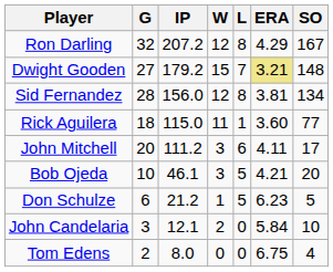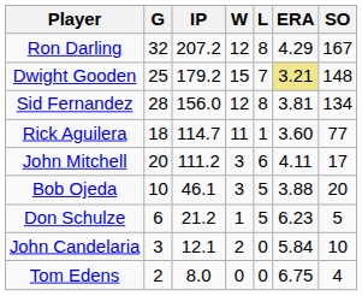 <table class="wikitable sortable">
 <tr>
 <th>Player</th>
 <th>G</th>
 <th>IP</th>
 <th>W</th>
 <th>L</th>
 <th>ERA</th>
 <th>SO</th>
 </tr>
 <tr align="center">
 <td><a href='#'>Ron Darling</a></td>
 <td>32</td>
 <td>207.2</td>
 <td>12</td>
 <td>8</td>
 <td>4.29</td>
 <td>167</td>
 </tr>
 <tr align="center">
 <td><a href='#'>Dwight Gooden</a></td>
-<td>27</td>
+<td>25</td>
 <td>179.2</td>
 <td>15</td>
 <td>7</td>
 <td style="background: khaki;">3.21</td>
 <td>148</td>
 </tr>
 <tr align="center">
 <td><a href='#'>Sid Fernandez</a></td>
 <td>28</td>
 <td>156.0</td>
 <td>12</td>
 <td>8</td>
 <td>3.81</td>
 <td>134</td>
 </tr>
 <tr align="center">
 <td><a href='#'>Rick Aguilera</a></td>
 <td>18</td>
-<td>115.0</td>
+<td>114.7</td>
 <td>11</td>
 <td>1</td>
 <td>3.60</td>
 <td>77</td>
 </tr>
 <tr align="center">
 <td><a href='#'>John Mitchell</a></td>
 <td>20</td>
 <td>111.2</td>
 <td>3</td>
 <td>6</td>
 <td>4.11</td>
 <td>17</td>
 </tr>
 <tr align="center">
 <td><a href='#'>Bob Ojeda</a></td>
 <td>10</td>
 <td>46.1</td>
 <td>3</td>
 <td>5</td>
-<td>4.21</td>
+<td>3.88</td>
 <td>20</td>
 </tr>
 <tr align="center">
 <td><a href='#'>Don Schulze</a></td>
 <td>6</td>
 <td>21.2</td>
 <td>1</td>
 <td>5</td>
 <td>6.23</td>
 <td>5</td>
 </tr>
 <tr align="center">
 <td><a href='#'>John Candelaria</a></td>
 <td>3</td>
 <td>12.1</td>
 <td>2</td>
 <td>0</td>
 <td>5.84</td>
 <td>10</td>
 </tr>
 <tr align="center">
 <td><a href='#'>Tom Edens</a></td>
 <td>2</td>
 <td>8.0</td>
 <td>0</td>
 <td>0</td>
 <td>6.75</td>
 <td>4</td>
 </tr>
 </table>
